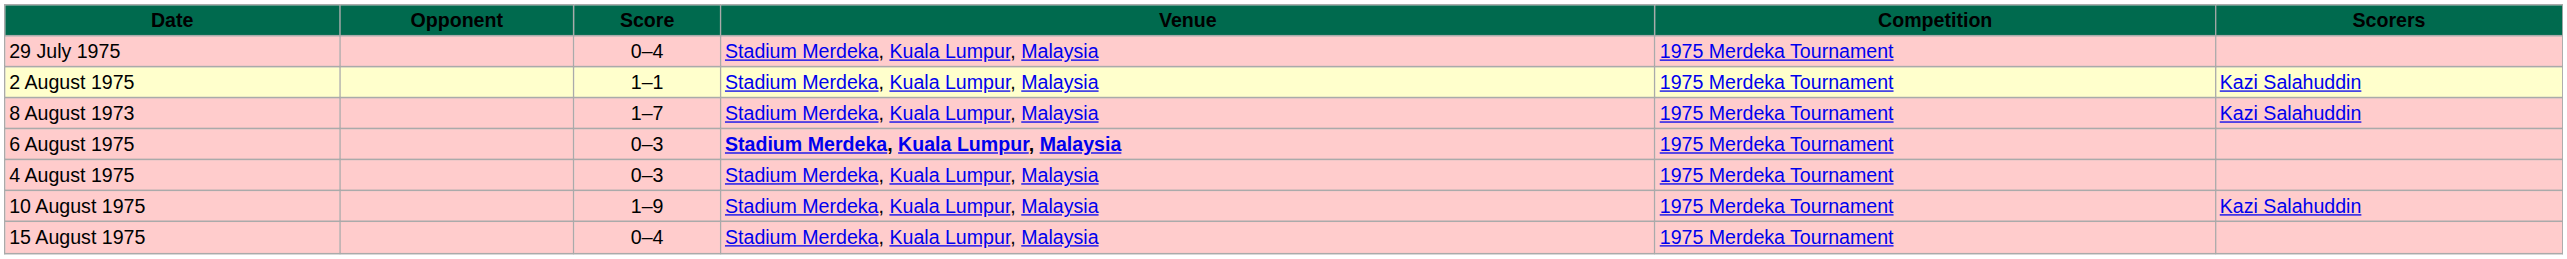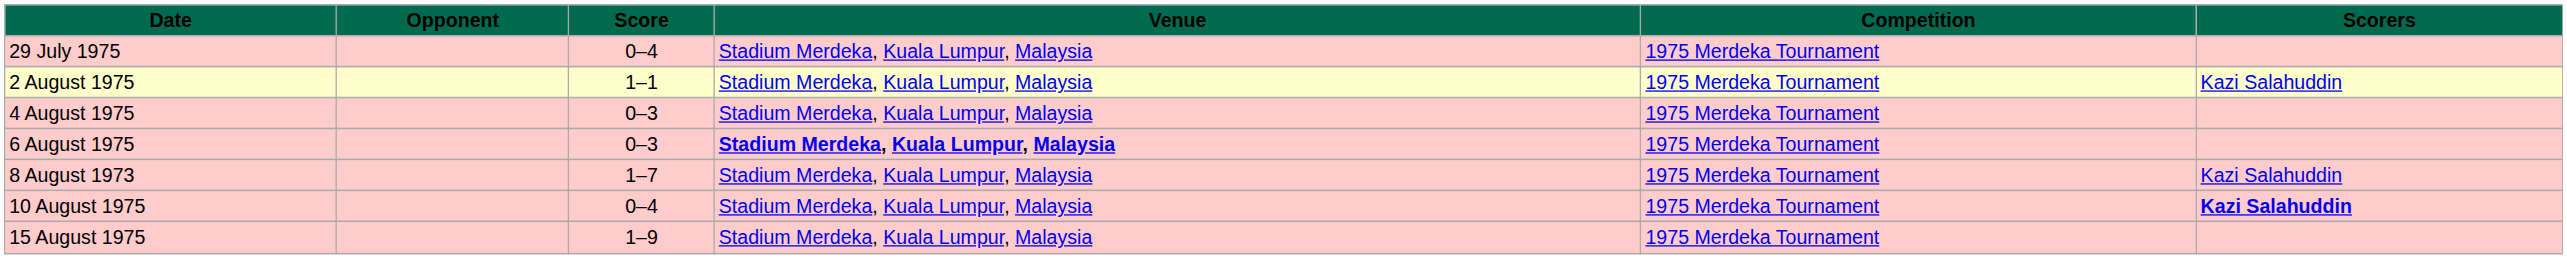 <table class="wikitable" width=100% style="text-align:left;font-size:95%;">
 <tr>
 <th style="background:#006a4e;"><span>Date</span></th>
 <th style="background:#006a4e;"><span>Opponent</span></th>
 <th style="background:#006a4e;"><span>Score</span></th>
 <th style="background:#006a4e;"><span>Venue</span></th>
 <th style="background:#006a4e;"><span>Competition</span></th>
 <th style="background:#006a4e;"><span>Scorers</span></th>
 </tr>
 <tr>
 </tr>
 <tr style="background:#fcc;">
 <td>29 July 1975</td>
 <td></td>
 <td style="text-align: center">0–4</td>
 <td> <a href='#'>Stadium Merdeka</a>, <a href='#'>Kuala Lumpur</a>, <a href='#'>Malaysia</a></td>
 <td><a href='#'>1975 Merdeka Tournament</a></td>
 <td></td>
 </tr>
 <tr>
 </tr>
 <tr style="background:#ffc;">
 <td>2 August 1975</td>
 <td></td>
 <td style="text-align: center">1–1</td>
 <td> <a href='#'>Stadium Merdeka</a>, <a href='#'>Kuala Lumpur</a>, <a href='#'>Malaysia</a></td>
 <td><a href='#'>1975 Merdeka Tournament</a></td>
 <td><a href='#'>Kazi Salahuddin</a> </td>
 </tr>
 <tr>
 </tr>
 <tr style="background:#fcc;">
-<td>8 August 1973</td>
+<td>4 August 1975</td>
 <td></td>
-<td style="text-align: center">1–7</td>
+<td style="text-align: center">0–3</td>
 <td> <a href='#'>Stadium Merdeka</a>, <a href='#'>Kuala Lumpur</a>, <a href='#'>Malaysia</a></td>
 <td><a href='#'>1975 Merdeka Tournament</a></td>
-<td><a href='#'>Kazi Salahuddin</a> </td>
+<td></td>
 </tr>
 <tr>
 </tr>
 <tr style="background:#fcc;">
 <td>6 August 1975</td>
 <td></td>
 <td style="text-align: center">0–3</td>
 <td><strong> <a href='#'>Stadium Merdeka</a>, <a href='#'>Kuala Lumpur</a>, <a href='#'>Malaysia</a></strong></td>
 <td><a href='#'>1975 Merdeka Tournament</a></td>
 <td></td>
 </tr>
 <tr>
 </tr>
 <tr style="background:#fcc;">
-<td>4 August 1975</td>
+<td>8 August 1973</td>
 <td></td>
-<td style="text-align: center">0–3</td>
-<td> <a href='#'>Stadium Merdeka</a>, <a href='#'>Kuala Lumpur</a>, <a href='#'>Malaysia</a></td>
-<td><a href='#'>1975 Merdeka Tournament</a></td>
-<td></td>
-</tr>
-<tr>
-</tr>
-<tr style="background:#fcc;">
-<td>10 August 1975</td>
-<td></td>
-<td style="text-align: center">1–9</td>
+<td style="text-align: center">1–7</td>
 <td> <a href='#'>Stadium Merdeka</a>, <a href='#'>Kuala Lumpur</a>, <a href='#'>Malaysia</a></td>
 <td><a href='#'>1975 Merdeka Tournament</a></td>
 <td><a href='#'>Kazi Salahuddin</a> </td>
 </tr>
 <tr>
 </tr>
 <tr style="background:#fcc;">
+<td>10 August 1975</td>
+<td></td>
+<td style="text-align: center">0–4</td>
+<td> <a href='#'>Stadium Merdeka</a>, <a href='#'>Kuala Lumpur</a>, <a href='#'>Malaysia</a></td>
+<td><a href='#'>1975 Merdeka Tournament</a></td>
+<td><strong><a href='#'>Kazi Salahuddin</a> </strong></td>
+</tr>
+<tr>
+</tr>
+<tr style="background:#fcc;">
 <td>15 August 1975</td>
 <td></td>
-<td style="text-align: center">0–4</td>
+<td style="text-align: center">1–9</td>
 <td> <a href='#'>Stadium Merdeka</a>, <a href='#'>Kuala Lumpur</a>, <a href='#'>Malaysia</a></td>
 <td><a href='#'>1975 Merdeka Tournament</a></td>
 <td></td>
 </tr>
 <tr>
 </tr>
 </table>
